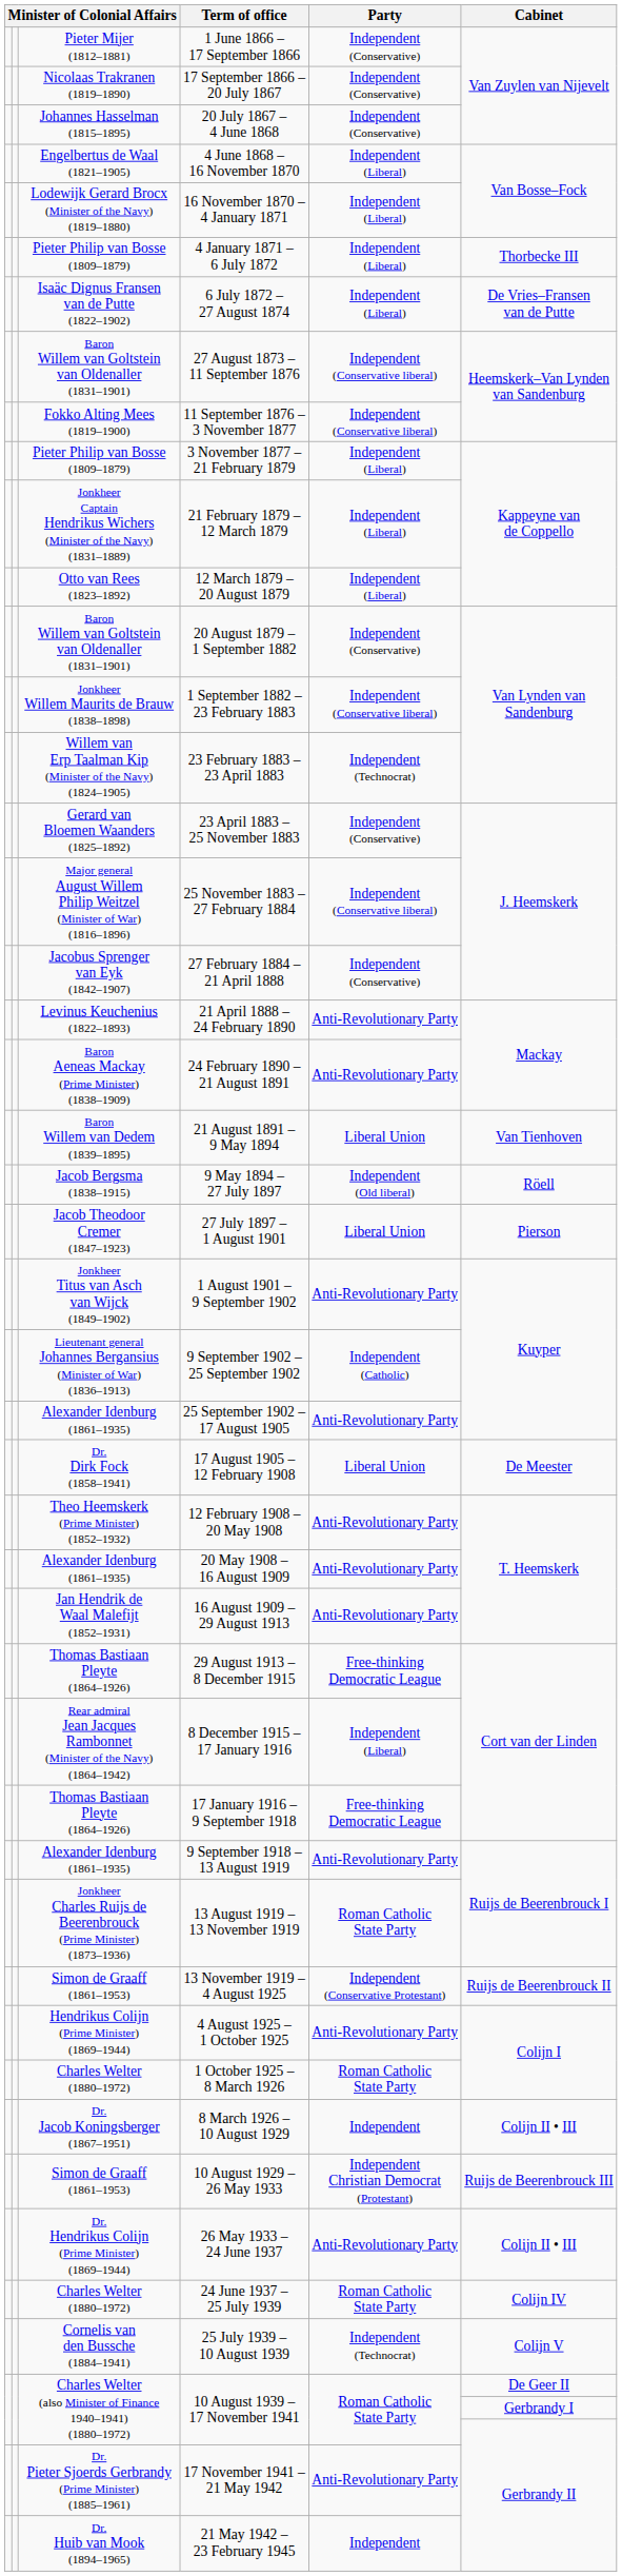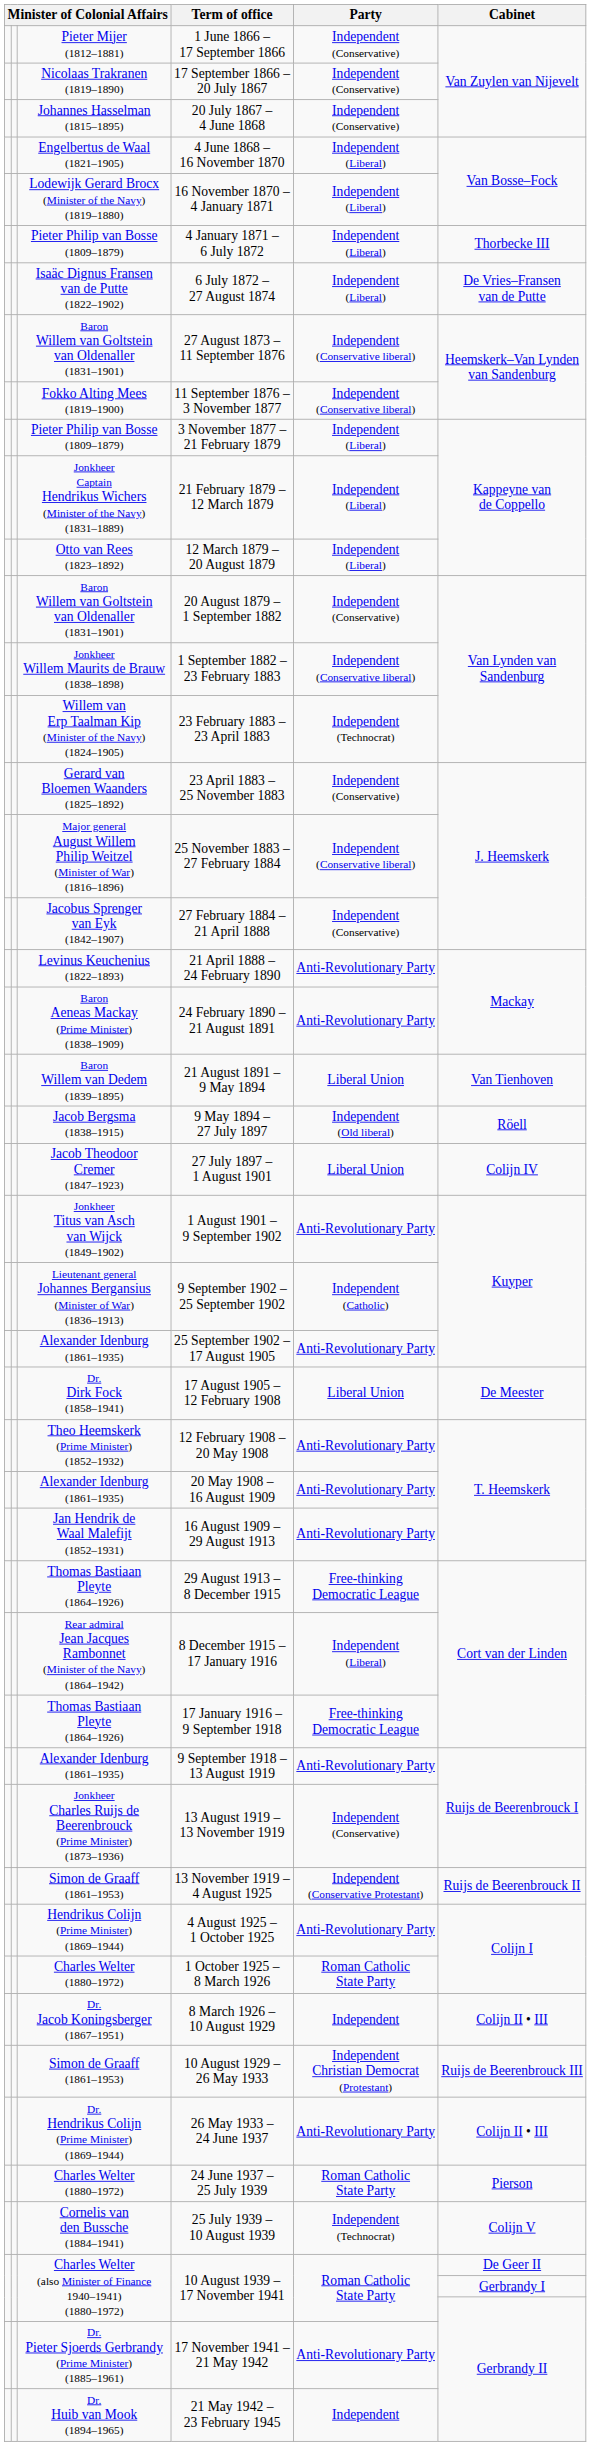 <table class="wikitable" style="text-align:center">
 <tr>
 <th colspan=3>Minister of Colonial Affairs</th>
 <th>Term of office</th>
 <th>Party</th>
 <th>Cabinet</th>
 </tr>
 <tr>
 <td style="background:"></td>
 <td></td>
 <td><a href='#'>Pieter Mijer</a> <br> <small>(1812–1881)</small></td>
 <td>1 June 1866 – <br> 17 September 1866 <br> </td>
 <td><a href='#'>Independent</a> <br> <small>(Conservative)</small></td>
 <td rowspan=3><a href='#'>Van Zuylen van Nijevelt</a> <br></td>
 </tr>
 <tr>
 <td style="background:"></td>
 <td></td>
 <td><a href='#'>Nicolaas Trakranen</a> <br> <small>(1819–1890)</small></td>
 <td>17 September 1866 – <br> 20 July 1867 <br> </td>
 <td><a href='#'>Independent</a> <br> <small>(Conservative)</small></td>
 </tr>
 <tr>
 <td style="background:"></td>
 <td></td>
 <td><a href='#'>Johannes Hasselman</a> <br> <small>(1815–1895)</small></td>
 <td>20 July 1867 – <br> 4 June 1868</td>
 <td><a href='#'>Independent</a> <br> <small>(Conservative)</small></td>
 </tr>
 <tr>
 <td style="background:"></td>
 <td></td>
 <td><a href='#'>Engelbertus de Waal</a> <br> <small>(1821–1905)</small></td>
 <td>4 June 1868 – <br> 16 November 1870 <br> </td>
 <td><a href='#'>Independent</a> <br> <small>(<a href='#'>Liberal</a>)</small></td>
 <td rowspan=2><a href='#'>Van Bosse–Fock</a> <br></td>
 </tr>
 <tr>
 <td style="background:"></td>
 <td></td>
 <td><a href='#'>Lodewijk Gerard Brocx</a> <br> <small>(<a href='#'>Minister of the Navy</a>)</small> <br> <small>(1819–1880)</small></td>
 <td>16 November 1870 – <br> 4 January 1871 <br> </td>
 <td><a href='#'>Independent</a> <br> <small>(<a href='#'>Liberal</a>)</small></td>
 </tr>
 <tr>
 <td style="background:"></td>
 <td></td>
 <td><a href='#'>Pieter Philip van Bosse</a> <br> <small>(1809–1879)</small></td>
 <td>4 January 1871 – <br> 6 July 1872</td>
 <td><a href='#'>Independent</a> <br> <small>(<a href='#'>Liberal</a>)</small></td>
 <td><a href='#'>Thorbecke III</a> <br></td>
 </tr>
 <tr>
 <td style="background:"></td>
 <td></td>
 <td><a href='#'>Isaäc Dignus Fransen <br> van de Putte</a> <br> <small>(1822–1902)</small></td>
 <td>6 July 1872 – <br> 27 August 1874</td>
 <td><a href='#'>Independent</a> <br> <small>(<a href='#'>Liberal</a>)</small></td>
 <td><a href='#'>De Vries–Fransen <br> van de Putte</a> <br></td>
 </tr>
 <tr>
 <td style="background:"></td>
 <td></td>
 <td><small><a href='#'>Baron</a></small> <br> <a href='#'>Willem van Goltstein <br> van Oldenaller</a> <br> <small>(1831–1901)</small></td>
 <td>27 August 1873 – <br> 11 September 1876 <br> </td>
 <td><a href='#'>Independent</a> <br> <small>(<a href='#'>Conservative liberal</a>)</small></td>
 <td rowspan=2><a href='#'>Heemskerk–Van Lynden <br> van Sandenburg</a> <br></td>
 </tr>
 <tr>
 <td style="background:"></td>
 <td></td>
 <td><a href='#'>Fokko Alting Mees</a> <br> <small>(1819–1900)</small></td>
 <td>11 September 1876 – <br> 3 November 1877</td>
 <td><a href='#'>Independent</a> <br> <small>(<a href='#'>Conservative liberal</a>)</small></td>
 </tr>
 <tr>
 <td style="background:"></td>
 <td></td>
 <td><a href='#'>Pieter Philip van Bosse</a> <br> <small>(1809–1879)</small></td>
 <td>3 November 1877 – <br> 21 February 1879 <br> </td>
 <td><a href='#'>Independent</a> <br> <small>(<a href='#'>Liberal</a>)</small></td>
 <td rowspan=3><a href='#'>Kappeyne van <br> de Coppello</a> <br></td>
 </tr>
 <tr>
 <td style="background:"></td>
 <td></td>
 <td><small><a href='#'>Jonkheer</a></small> <br> <small><a href='#'>Captain</a></small> <br> <a href='#'>Hendrikus Wichers</a> <br> <small>(<a href='#'>Minister of the Navy</a>)</small> <br> <small>(1831–1889)</small></td>
 <td>21 February 1879 – <br> 12 March 1879 <br> </td>
 <td><a href='#'>Independent</a> <br> <small>(<a href='#'>Liberal</a>)</small></td>
 </tr>
 <tr>
 <td style="background:"></td>
 <td></td>
 <td><a href='#'>Otto van Rees</a> <br> <small>(1823–1892)</small></td>
 <td>12 March 1879 – <br> 20 August 1879</td>
 <td><a href='#'>Independent</a> <br> <small>(<a href='#'>Liberal</a>)</small></td>
 </tr>
 <tr>
 <td style="background:"></td>
 <td></td>
 <td><small><a href='#'>Baron</a></small> <br> <a href='#'>Willem van Goltstein <br> van Oldenaller</a> <br> <small>(1831–1901)</small></td>
 <td>20 August 1879 – <br> 1 September 1882 <br> </td>
 <td><a href='#'>Independent</a> <br> <small>(Conservative)</small></td>
 <td rowspan=3><a href='#'>Van Lynden van <br> Sandenburg</a> <br></td>
 </tr>
 <tr>
 <td style="background:"></td>
 <td></td>
 <td><small><a href='#'>Jonkheer</a></small> <br> <a href='#'>Willem Maurits de Brauw</a> <br> <small>(1838–1898)</small></td>
 <td>1 September 1882 – <br> 23 February 1883 <br> </td>
 <td><a href='#'>Independent</a> <br> <small>(<a href='#'>Conservative liberal</a>)</small></td>
 </tr>
 <tr>
 <td style="background:"></td>
 <td></td>
 <td><a href='#'>Willem van <br> Erp Taalman Kip</a> <br> <small>(<a href='#'>Minister of the Navy</a>)</small> <br> <small>(1824–1905)</small></td>
 <td>23 February 1883 – <br> 23 April 1883 <br> </td>
 <td><a href='#'>Independent</a> <br> <small>(Technocrat)</small></td>
 </tr>
 <tr>
 <td style="background:"></td>
 <td></td>
 <td><a href='#'>Gerard van <br> Bloemen Waanders</a> <br> <small>(1825–1892)</small></td>
 <td>23 April 1883 – <br> 25 November 1883 <br> </td>
 <td><a href='#'>Independent</a> <br> <small>(Conservative)</small></td>
 <td rowspan=3><a href='#'>J. Heemskerk</a> <br></td>
 </tr>
 <tr>
 <td style="background:"></td>
 <td></td>
 <td><small><a href='#'>Major general</a></small> <br> <a href='#'>August Willem <br> Philip Weitzel</a> <br> <small>(<a href='#'>Minister of War</a>)</small> <br> <small>(1816–1896)</small></td>
 <td>25 November 1883 – <br> 27 February 1884 <br> </td>
 <td><a href='#'>Independent</a> <br> <small>(<a href='#'>Conservative liberal</a>)</small></td>
 </tr>
 <tr>
 <td style="background:"></td>
 <td></td>
 <td><a href='#'>Jacobus Sprenger <br> van Eyk</a> <br> <small>(1842–1907)</small></td>
 <td>27 February 1884 – <br> 21 April 1888</td>
 <td><a href='#'>Independent</a> <br> <small>(Conservative)</small></td>
 </tr>
 <tr>
 <td style="background:"></td>
 <td></td>
 <td><a href='#'>Levinus Keuchenius</a> <br> <small>(1822–1893)</small></td>
 <td>21 April 1888 – <br> 24 February 1890 <br> </td>
 <td><a href='#'>Anti-Revolutionary Party</a></td>
 <td rowspan=2><a href='#'>Mackay</a> <br></td>
 </tr>
 <tr>
 <td style="background:"></td>
 <td></td>
 <td><small><a href='#'>Baron</a></small> <br> <a href='#'>Aeneas Mackay</a> <br> <small>(<a href='#'>Prime Minister</a>)</small> <br> <small>(1838–1909)</small></td>
 <td>24 February 1890 – <br> 21 August 1891</td>
 <td><a href='#'>Anti-Revolutionary Party</a></td>
 </tr>
 <tr>
 <td style="background:"></td>
 <td></td>
 <td><small><a href='#'>Baron</a></small> <br> <a href='#'>Willem van Dedem</a> <br> <small>(1839–1895)</small></td>
 <td>21 August 1891 – <br> 9 May 1894</td>
 <td><a href='#'>Liberal Union</a></td>
 <td><a href='#'>Van Tienhoven</a> <br></td>
 </tr>
 <tr>
 <td style="background:"></td>
 <td></td>
 <td><a href='#'>Jacob Bergsma</a> <br> <small>(1838–1915)</small></td>
 <td>9 May 1894 – <br> 27 July 1897</td>
 <td><a href='#'>Independent</a> <br> <small>(<a href='#'>Old liberal</a>)</small></td>
 <td><a href='#'>Röell</a> <br></td>
 </tr>
 <tr>
 <td style="background:"></td>
 <td></td>
 <td><a href='#'>Jacob Theodoor <br> Cremer</a> <br> <small>(1847–1923)</small></td>
 <td>27 July 1897 – <br> 1 August 1901</td>
 <td><a href='#'>Liberal Union</a></td>
-<td><a href='#'>Pierson</a> <br></td>
+<td><a href='#'>Colijn IV</a> <br></td>
 </tr>
 <tr>
 <td style="background:"></td>
 <td></td>
 <td><small><a href='#'>Jonkheer</a></small> <br> <a href='#'>Titus van Asch <br> van Wijck</a> <br> <small>(1849–1902)</small></td>
 <td>1 August 1901 – <br> 9 September 1902 <br> </td>
 <td><a href='#'>Anti-Revolutionary Party</a></td>
 <td rowspan=3><a href='#'>Kuyper</a> <br></td>
 </tr>
 <tr>
 <td style="background:"></td>
 <td></td>
 <td><small><a href='#'>Lieutenant general</a></small> <br> <a href='#'>Johannes Bergansius</a> <br> <small>(<a href='#'>Minister of War</a>)</small> <br> <small>(1836–1913)</small></td>
 <td>9 September 1902 – <br> 25 September 1902 <br> </td>
 <td><a href='#'>Independent</a> <br> <small>(<a href='#'>Catholic</a>)</small></td>
 </tr>
 <tr>
 <td style="background:"></td>
 <td></td>
 <td><a href='#'>Alexander Idenburg</a> <br> <small>(1861–1935)</small></td>
 <td>25 September 1902 – <br> 17 August 1905</td>
 <td><a href='#'>Anti-Revolutionary Party</a></td>
 </tr>
 <tr>
 <td style="background:"></td>
 <td></td>
 <td><small><a href='#'>Dr.</a></small> <br> <a href='#'>Dirk Fock</a> <br> <small>(1858–1941)</small></td>
 <td>17 August 1905 – <br> 12 February 1908</td>
 <td><a href='#'>Liberal Union</a></td>
 <td><a href='#'>De Meester</a> <br></td>
 </tr>
 <tr>
 <td style="background:"></td>
 <td></td>
 <td><a href='#'>Theo Heemskerk</a> <br> <small>(<a href='#'>Prime Minister</a>)</small> <br> <small>(1852–1932)</small></td>
 <td>12 February 1908 – <br> 20 May 1908 <br> </td>
 <td><a href='#'>Anti-Revolutionary Party</a></td>
 <td rowspan=3><a href='#'>T. Heemskerk</a> <br></td>
 </tr>
 <tr>
 <td style="background:"></td>
 <td></td>
 <td><a href='#'>Alexander Idenburg</a> <br> <small>(1861–1935)</small></td>
 <td>20 May 1908 – <br> 16 August 1909 <br> </td>
 <td><a href='#'>Anti-Revolutionary Party</a></td>
 </tr>
 <tr>
 <td style="background:"></td>
 <td></td>
 <td><a href='#'>Jan Hendrik de <br> Waal Malefijt</a> <br> <small>(1852–1931)</small></td>
 <td>16 August 1909 – <br> 29 August 1913</td>
 <td><a href='#'>Anti-Revolutionary Party</a></td>
 </tr>
 <tr>
 <td style="background:"></td>
 <td></td>
 <td><a href='#'>Thomas Bastiaan <br> Pleyte</a> <br> <small>(1864–1926)</small></td>
 <td>29 August 1913 – <br> 8 December 1915 <br> </td>
 <td><a href='#'>Free-thinking <br> Democratic League</a></td>
 <td rowspan=3><a href='#'>Cort van der Linden</a> <br></td>
 </tr>
 <tr>
 <td style="background:"></td>
 <td></td>
 <td><small><a href='#'>Rear admiral</a></small> <br> <a href='#'>Jean Jacques <br> Rambonnet</a> <br> <small>(<a href='#'>Minister of the Navy</a>)</small> <br> <small>(1864–1942)</small></td>
 <td>8 December 1915 – <br> 17 January 1916 <br> </td>
 <td><a href='#'>Independent</a> <br> <small>(<a href='#'>Liberal</a>)</small></td>
 </tr>
 <tr>
 <td style="background:"></td>
 <td></td>
 <td><a href='#'>Thomas Bastiaan <br> Pleyte</a> <br> <small>(1864–1926)</small></td>
 <td>17 January 1916 – <br> 9 September 1918</td>
 <td><a href='#'>Free-thinking <br> Democratic League</a></td>
 </tr>
 <tr>
 <td style="background:"></td>
 <td></td>
 <td><a href='#'>Alexander Idenburg</a> <br> <small>(1861–1935)</small></td>
 <td>9 September 1918 – <br> 13 August 1919 <br> </td>
 <td><a href='#'>Anti-Revolutionary Party</a></td>
 <td rowspan=3><a href='#'>Ruijs de Beerenbrouck I</a> <br></td>
 </tr>
 <tr>
 <td style="background:"></td>
 <td></td>
 <td><small><a href='#'>Jonkheer</a></small> <br> <a href='#'>Charles Ruijs de <br> Beerenbrouck</a> <br> <small>(<a href='#'>Prime Minister</a>)</small> <br> <small>(1873–1936)</small></td>
 <td>13 August 1919 – <br> 13 November 1919 <br> </td>
-<td><a href='#'>Roman Catholic <br> State Party</a></td>
+<td><a href='#'>Independent</a> <br> <small>(Conservative)</small></td>
 </tr>
 <tr>
 <td rowspan=2 style="background:"></td>
 <td rowspan=2></td>
 <td rowspan=2><a href='#'>Simon de Graaff</a> <br> <small>(1861–1953)</small></td>
 <td rowspan=2>13 November 1919 – <br> 4 August 1925</td>
 <td rowspan=2><a href='#'>Independent</a> <br> <small>(<a href='#'>Conservative Protestant</a>)</small></td>
 </tr>
 <tr>
 <td><a href='#'>Ruijs de Beerenbrouck II</a> <br></td>
 </tr>
 <tr>
 <td style="background:"></td>
 <td></td>
 <td><a href='#'>Hendrikus Colijn</a> <br> <small>(<a href='#'>Prime Minister</a>)</small> <br> <small>(1869–1944)</small></td>
 <td>4 August 1925 – <br> 1 October 1925 <br> </td>
 <td><a href='#'>Anti-Revolutionary Party</a></td>
 <td rowspan=2><a href='#'>Colijn I</a> <br></td>
 </tr>
 <tr>
 <td style="background:"></td>
 <td></td>
 <td><a href='#'>Charles Welter</a> <br> <small>(1880–1972)</small></td>
 <td>1 October 1925 – <br> 8 March 1926</td>
 <td><a href='#'>Roman Catholic <br> State Party</a></td>
 </tr>
 <tr>
 <td style="background:"></td>
 <td></td>
 <td><small><a href='#'>Dr.</a></small> <br> <a href='#'>Jacob Koningsberger</a> <br> <small>(1867–1951)</small></td>
 <td>8 March 1926 – <br> 10 August 1929</td>
 <td><a href='#'>Independent</a></td>
 <td><a href='#'>Colijn II</a> • <a href='#'>III</a> <br></td>
 </tr>
 <tr>
 <td style="background:"></td>
 <td></td>
 <td><a href='#'>Simon de Graaff</a> <br> <small>(1861–1953)</small></td>
 <td>10 August 1929 – <br> 26 May 1933</td>
 <td><a href='#'>Independent <br> Christian Democrat</a> <br> <small>(<a href='#'>Protestant</a>)</small></td>
 <td><a href='#'>Ruijs de Beerenbrouck III</a> <br></td>
 </tr>
 <tr>
 <td style="background:"></td>
 <td></td>
 <td><small><a href='#'>Dr.</a></small> <br> <a href='#'>Hendrikus Colijn</a> <br> <small>(<a href='#'>Prime Minister</a>)</small> <br> <small>(1869–1944)</small></td>
 <td>26 May 1933 – <br> 24 June 1937</td>
 <td><a href='#'>Anti-Revolutionary Party</a></td>
 <td><a href='#'>Colijn II</a> • <a href='#'>III</a> <br></td>
 </tr>
 <tr>
 <td style="background:"></td>
 <td></td>
 <td><a href='#'>Charles Welter</a> <br> <small>(1880–1972)</small></td>
 <td>24 June 1937 – <br> 25 July 1939</td>
 <td><a href='#'>Roman Catholic <br> State Party</a></td>
-<td><a href='#'>Colijn IV</a> <br></td>
+<td><a href='#'>Pierson</a> <br></td>
 </tr>
 <tr>
 <td style="background:"></td>
 <td></td>
 <td><a href='#'>Cornelis van <br> den Bussche</a> <br> <small>(1884–1941)</small></td>
 <td>25 July 1939 – <br> 10 August 1939</td>
 <td><a href='#'>Independent</a> <br> <small>(Technocrat)</small></td>
 <td><a href='#'>Colijn V</a> <br></td>
 </tr>
 <tr>
 <td rowspan=3 style="background:"></td>
 <td rowspan=3></td>
 <td rowspan=3><a href='#'>Charles Welter</a> <br> <small>(also <a href='#'>Minister of Finance</a> <br> 1940–1941)</small> <br> <small>(1880–1972)</small></td>
 <td rowspan=3>10 August 1939 – <br> 17 November 1941 <br> </td>
 <td rowspan=3><a href='#'>Roman Catholic <br> State Party</a></td>
 <td><a href='#'>De Geer II</a> <br></td>
 </tr>
 <tr>
 <td><a href='#'>Gerbrandy I</a> <br></td>
 </tr>
 <tr>
 <td rowspan=3><a href='#'>Gerbrandy II</a> <br></td>
 </tr>
 <tr>
 <td style="background:"></td>
 <td></td>
 <td><small><a href='#'>Dr.</a></small> <br> <a href='#'>Pieter Sjoerds Gerbrandy</a> <br> <small>(<a href='#'>Prime Minister</a>)</small> <br> <small>(1885–1961)</small></td>
 <td>17 November 1941 – <br> 21 May 1942</td>
 <td><a href='#'>Anti-Revolutionary Party</a></td>
 </tr>
 <tr>
 <td style="background:"></td>
 <td></td>
 <td><small><a href='#'>Dr.</a></small> <br> <a href='#'>Huib van Mook</a> <br> <small>(1894–1965)</small></td>
 <td>21 May 1942 – <br> 23 February 1945</td>
 <td><a href='#'>Independent</a></td>
 </tr>
 </table>
